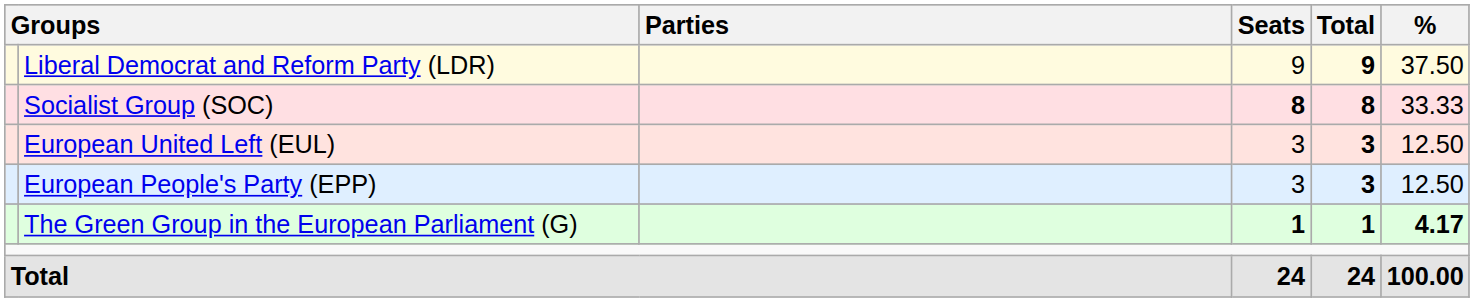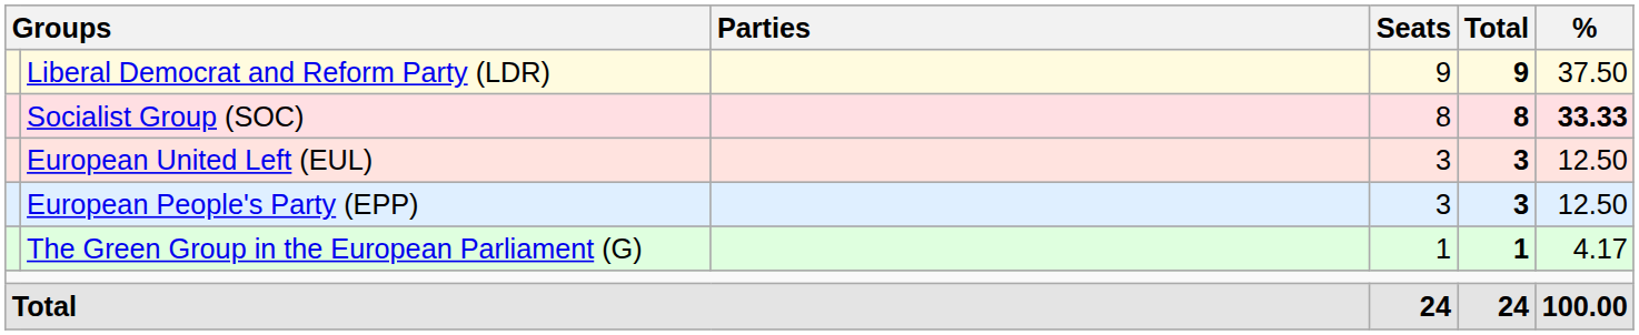 <table class="wikitable" style="text-align:right; font-size:95%; margin-bottom:0">
 <tr>
 <th style="text-align:left;" colspan="2" width="375">Groups</th>
 <th style="text-align:left;" width="350">Parties</th>
 <th width="35">Seats</th>
 <th width="35">Total</th>
 <th width="45">%</th>
 </tr>
 <tr style="background:#FFFBDF;">
 <td style="color:inherit;background:"></td>
 <td align="left"><a href='#'>Liberal Democrat and Reform Party</a> (LDR)</td>
 <td align="left"></td>
 <td>9</td>
 <td><strong>9</strong></td>
 <td>37.50</td>
 </tr>
 <tr style="background:#FFDFE3;">
 <td width="1" style="color:inherit;background:"></td>
 <td align="left"><a href='#'>Socialist Group</a> (SOC)</td>
 <td align="left"></td>
+<td>8</td>
 <td><strong>8</strong></td>
-<td><strong>8</strong></td>
-<td>33.33</td>
+<td><strong>33.33</strong></td>
 </tr>
 <tr style="background:#FFE3DF;">
 <td style="color:inherit;background:"></td>
 <td align="left"><a href='#'>European United Left</a> (EUL)</td>
 <td align="left"></td>
 <td>3</td>
 <td><strong>3</strong></td>
 <td>12.50</td>
 </tr>
 <tr style="background:#DFEFFF;">
 <td style="color:inherit;background:"></td>
 <td align="left"><a href='#'>European People's Party</a> (EPP)</td>
 <td align="left"></td>
 <td>3</td>
 <td><strong>3</strong></td>
 <td>12.50</td>
 </tr>
 <tr style="background:#DFFFDF;">
 <td style="color:inherit;background:"></td>
 <td align="left"><a href='#'>The Green Group in the European Parliament</a> (G)</td>
 <td align="left"></td>
+<td>1</td>
 <td><strong>1</strong></td>
-<td><strong>1</strong></td>
-<td><strong>4.17</strong></td>
+<td>4.17</td>
 </tr>
 <tr>
 <td colspan="6"></td>
 </tr>
 <tr style="background:#E4E4E4; font-weight:bold;">
 <td align="left" colspan="3">Total</td>
 <td>24</td>
 <td>24</td>
 <td>100.00</td>
 </tr>
 </table>
